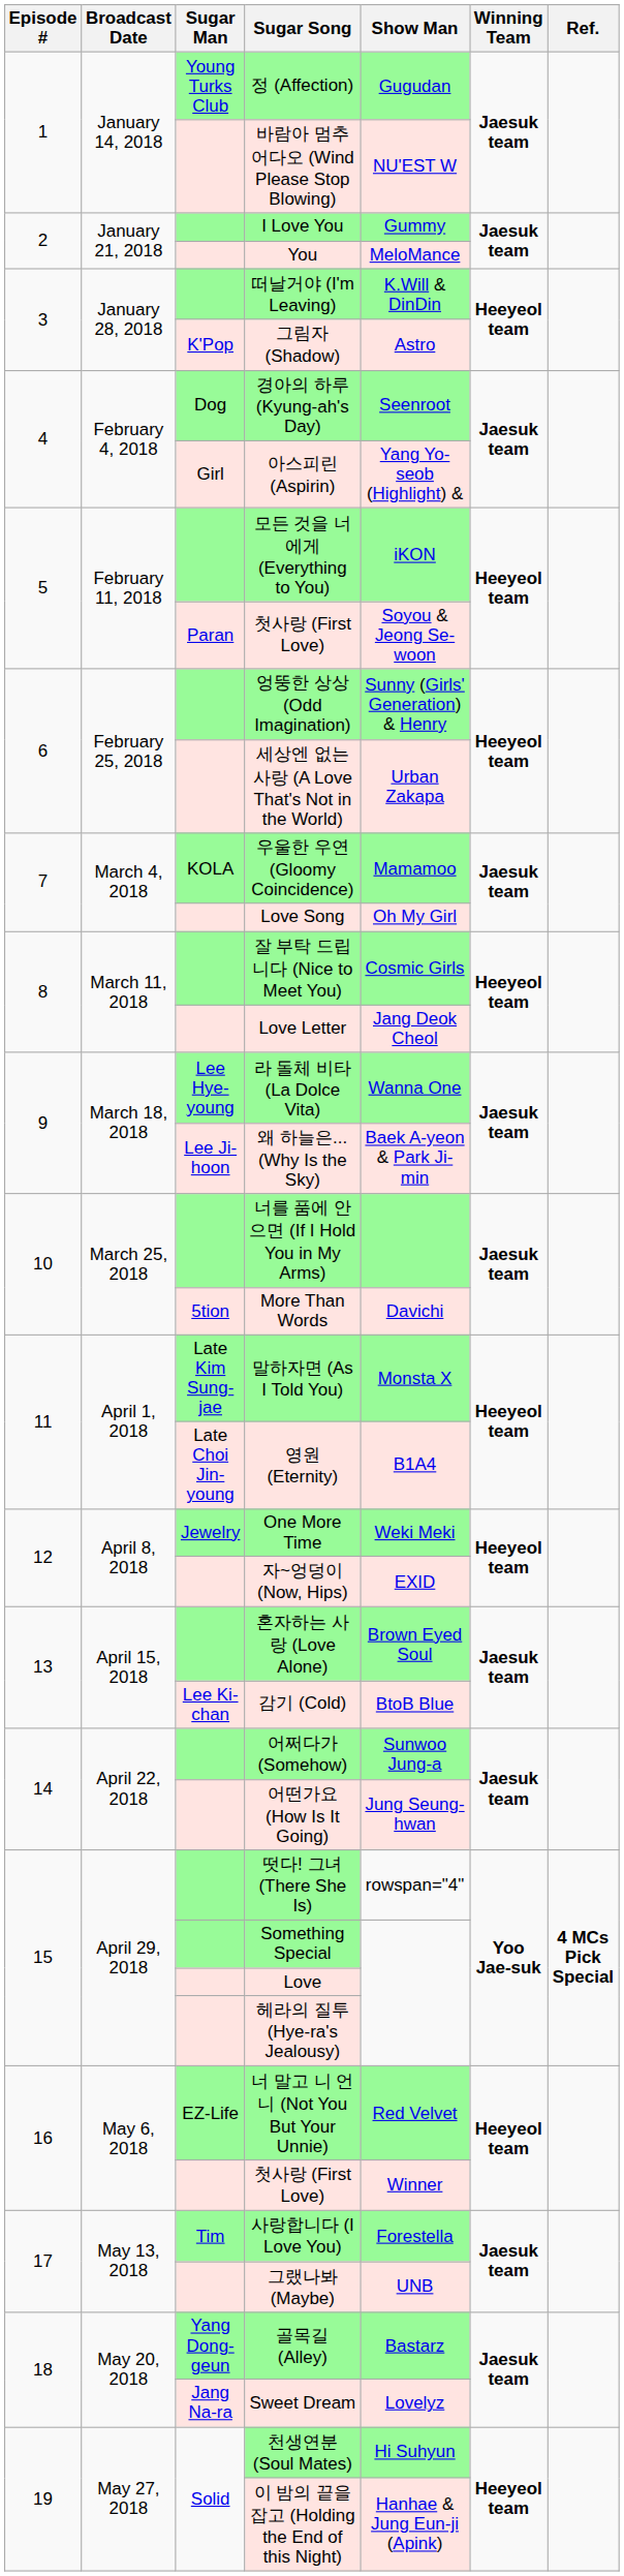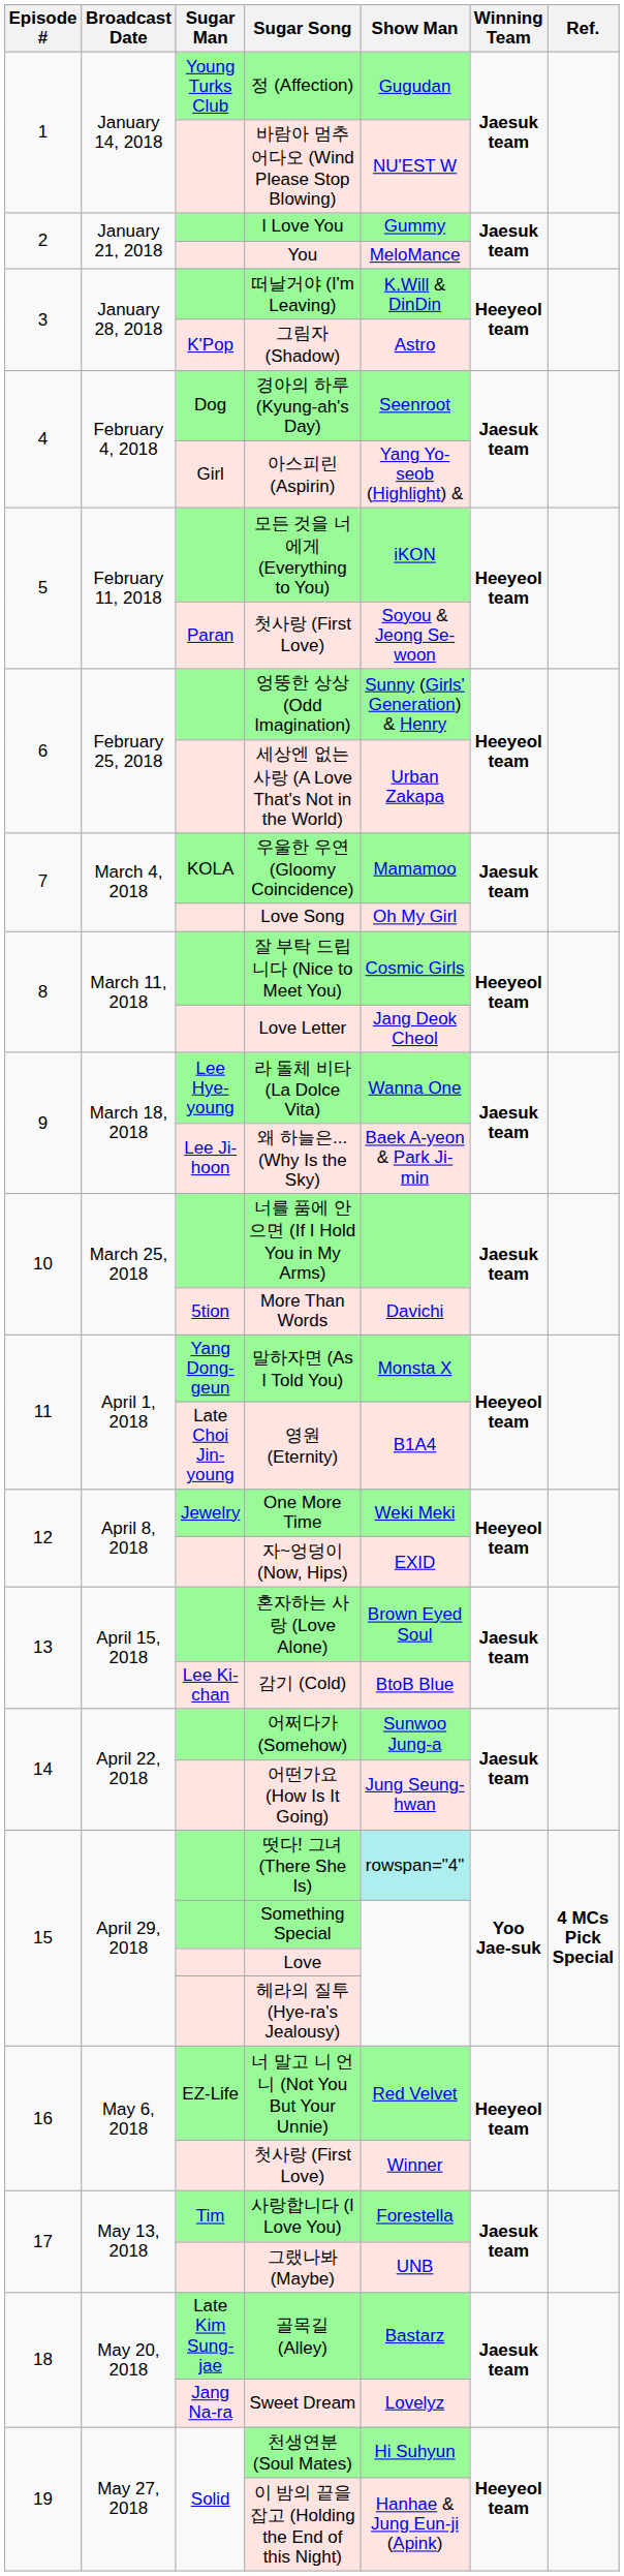 <table class="wikitable" style="text-align:center; width:90%;">
 <tr>
 <th>Episode #</th>
 <th>Broadcast Date</th>
 <th>Sugar Man</th>
 <th>Sugar Song</th>
 <th>Show Man</th>
 <th>Winning Team</th>
 <th>Ref.</th>
 </tr>
 <tr>
 <td rowspan="2">1</td>
 <td rowspan="2">January 14, 2018</td>
 <td style="background: PaleGreen"><a href='#'>Young Turks Club</a></td>
 <td style="background: PaleGreen">정 (Affection)</td>
 <td style="background: PaleGreen"><a href='#'>Gugudan</a></td>
 <td rowspan="2" expand="yes"><strong>Jaesuk team</strong></td>
 <td rowspan=2></td>
 </tr>
 <tr>
 <td style="background: MistyRose"></td>
 <td style="background: MistyRose">바람아 멈추어다오 (Wind Please Stop Blowing)</td>
 <td style="background: MistyRose"><a href='#'>NU'EST W</a></td>
 </tr>
 <tr>
 <td rowspan="2">2</td>
 <td rowspan="2">January 21, 2018</td>
 <td style="background: PaleGreen"></td>
 <td style="background: PaleGreen">I Love You</td>
 <td style="background: PaleGreen"><a href='#'>Gummy</a></td>
 <td rowspan="2" expand="yes"><strong>Jaesuk team</strong></td>
 <td rowspan=2></td>
 </tr>
 <tr>
 <td style="background: MistyRose"></td>
 <td style="background: MistyRose">You</td>
 <td style="background: MistyRose"><a href='#'>MeloMance</a></td>
 </tr>
 <tr>
 <td rowspan="2">3</td>
 <td rowspan="2">January 28, 2018</td>
 <td style="background: PaleGreen"></td>
 <td style="background: PaleGreen">떠날거야 (I'm Leaving)</td>
 <td style="background: PaleGreen"><a href='#'>K.Will</a> & <a href='#'>DinDin</a></td>
 <td rowspan="2" expand="yes"><strong>Heeyeol team</strong></td>
 <td rowspan=2></td>
 </tr>
 <tr>
 <td style="background: MistyRose"><a href='#'>K'Pop</a></td>
 <td style="background: MistyRose">그림자 (Shadow)</td>
 <td style="background: MistyRose"><a href='#'>Astro</a></td>
 </tr>
 <tr>
 <td rowspan="2">4</td>
 <td rowspan="2">February 4, 2018</td>
 <td style="background: PaleGreen">Dog</td>
 <td style="background: PaleGreen">경아의 하루 (Kyung-ah's Day)</td>
 <td style="background: PaleGreen"><a href='#'>Seenroot</a></td>
 <td rowspan="2" expand="yes"><strong>Jaesuk team</strong></td>
 <td rowspan=2></td>
 </tr>
 <tr>
 <td style="background: MistyRose">Girl</td>
 <td style="background: MistyRose">아스피린 (Aspirin)</td>
 <td style="background: MistyRose"><a href='#'>Yang Yo-seob</a> (<a href='#'>Highlight</a>) & </td>
 </tr>
 <tr>
 <td rowspan="2">5</td>
 <td rowspan="2">February 11, 2018</td>
 <td style="background: PaleGreen"></td>
 <td style="background: PaleGreen">모든 것을 너에게 (Everything to You)</td>
 <td style="background: PaleGreen"><a href='#'>iKON</a></td>
 <td rowspan="2" expand="yes"><strong>Heeyeol team</strong></td>
 <td rowspan=2></td>
 </tr>
 <tr>
 <td style="background: MistyRose"><a href='#'>Paran</a></td>
 <td style="background: MistyRose">첫사랑 (First Love)</td>
 <td style="background: MistyRose"><a href='#'>Soyou</a> & <a href='#'>Jeong Se-woon</a></td>
 </tr>
 <tr>
 <td rowspan="2">6</td>
 <td rowspan="2">February 25, 2018</td>
 <td style="background: PaleGreen"></td>
 <td style="background: PaleGreen">엉뚱한 상상 (Odd Imagination)</td>
 <td style="background: PaleGreen"><a href='#'>Sunny</a> (<a href='#'>Girls' Generation</a>) & <a href='#'>Henry</a></td>
 <td rowspan="2" expand="yes"><strong>Heeyeol team</strong></td>
 <td rowspan=2></td>
 </tr>
 <tr>
 <td style="background: MistyRose"></td>
 <td style="background: MistyRose">세상엔 없는 사랑 (A Love That's Not in the World)</td>
 <td style="background: MistyRose"><a href='#'>Urban Zakapa</a></td>
 </tr>
 <tr>
 <td rowspan="2">7</td>
 <td rowspan="2">March 4, 2018</td>
 <td style="background: PaleGreen">KOLA</td>
 <td style="background: PaleGreen">우울한 우연 (Gloomy Coincidence)</td>
 <td style="background: PaleGreen"><a href='#'>Mamamoo</a></td>
 <td rowspan="2" expand="yes"><strong>Jaesuk team</strong></td>
 <td rowspan=2></td>
 </tr>
 <tr>
 <td style="background: MistyRose"></td>
 <td style="background: MistyRose">Love Song</td>
 <td style="background: MistyRose"><a href='#'>Oh My Girl</a></td>
 </tr>
 <tr>
 <td rowspan="2">8</td>
 <td rowspan="2">March 11, 2018</td>
 <td style="background: PaleGreen"></td>
 <td style="background: PaleGreen">잘 부탁 드립니다 (Nice to Meet You)</td>
 <td style="background: PaleGreen"><a href='#'>Cosmic Girls</a></td>
 <td rowspan="2" expand="yes"><strong>Heeyeol team</strong></td>
 <td rowspan=2></td>
 </tr>
 <tr>
 <td style="background: MistyRose"></td>
 <td style="background: MistyRose">Love Letter</td>
 <td style="background: MistyRose"><a href='#'>Jang Deok Cheol</a></td>
 </tr>
 <tr>
 <td rowspan="2">9</td>
 <td rowspan="2">March 18, 2018</td>
 <td style="background: PaleGreen"><a href='#'>Lee Hye-young</a></td>
 <td style="background: PaleGreen">라 돌체 비타 (La Dolce Vita)</td>
 <td style="background: PaleGreen"><a href='#'>Wanna One</a></td>
 <td rowspan="2" expand="yes"><strong>Jaesuk team</strong></td>
 <td rowspan=2></td>
 </tr>
 <tr>
 <td style="background: MistyRose"><a href='#'>Lee Ji-hoon</a></td>
 <td style="background: MistyRose">왜 하늘은... (Why Is the Sky)</td>
 <td style="background: MistyRose"><a href='#'>Baek A-yeon</a> & <a href='#'>Park Ji-min</a></td>
 </tr>
 <tr>
 <td rowspan="2">10</td>
 <td rowspan="2">March 25, 2018</td>
 <td style="background: PaleGreen"></td>
 <td style="background: PaleGreen">너를 품에 안으면 (If I Hold You in My Arms)</td>
 <td style="background: PaleGreen"></td>
 <td rowspan="2" expand="yes"><strong>Jaesuk team</strong></td>
 <td rowspan=2></td>
 </tr>
 <tr>
 <td style="background: MistyRose"><a href='#'>5tion</a></td>
 <td style="background: MistyRose">More Than Words</td>
 <td style="background: MistyRose"><a href='#'>Davichi</a></td>
 </tr>
 <tr>
 <td rowspan="2">11</td>
 <td rowspan="2">April 1, 2018</td>
-<td style="background: PaleGreen">Late <a href='#'>Kim Sung-jae</a></td>
+<td style="background: PaleGreen"><a href='#'>Yang Dong-geun</a></td>
 <td style="background: PaleGreen">말하자면 (As I Told You)</td>
 <td style="background: PaleGreen"><a href='#'>Monsta X</a></td>
 <td rowspan="2" expand="yes"><strong>Heeyeol team</strong></td>
 <td rowspan=2></td>
 </tr>
 <tr>
 <td style="background: MistyRose">Late <a href='#'>Choi Jin-young</a></td>
 <td style="background: MistyRose">영원 (Eternity)</td>
 <td style="background: MistyRose"><a href='#'>B1A4</a></td>
 </tr>
 <tr>
 <td rowspan="2">12</td>
 <td rowspan="2">April 8, 2018</td>
 <td style="background: PaleGreen"><a href='#'>Jewelry</a></td>
 <td style="background: PaleGreen">One More Time</td>
 <td style="background: PaleGreen"><a href='#'>Weki Meki</a></td>
 <td rowspan="2" expand="yes"><strong>Heeyeol team</strong></td>
 <td rowspan=2></td>
 </tr>
 <tr>
 <td style="background: MistyRose"></td>
 <td style="background: MistyRose">자~엉덩이 (Now, Hips)</td>
 <td style="background: MistyRose"><a href='#'>EXID</a></td>
 </tr>
 <tr>
 <td rowspan="2">13</td>
 <td rowspan="2">April 15, 2018</td>
 <td style="background: PaleGreen"></td>
 <td style="background: PaleGreen">혼자하는 사랑 (Love Alone)</td>
 <td style="background: PaleGreen"><a href='#'>Brown Eyed Soul</a></td>
 <td rowspan="2" expand="yes"><strong>Jaesuk team</strong></td>
 <td rowspan=2></td>
 </tr>
 <tr>
 <td style="background: MistyRose"><a href='#'>Lee Ki-chan</a></td>
 <td style="background: MistyRose">감기 (Cold)</td>
 <td style="background: MistyRose"><a href='#'>BtoB Blue</a></td>
 </tr>
 <tr>
 <td rowspan="2">14</td>
 <td rowspan="2">April 22, 2018</td>
 <td style="background: PaleGreen"></td>
 <td style="background: PaleGreen">어쩌다가 (Somehow)</td>
 <td style="background: PaleGreen"><a href='#'>Sunwoo Jung-a</a></td>
 <td rowspan="2" expand="yes"><strong>Jaesuk team</strong></td>
 <td rowspan=2></td>
 </tr>
 <tr>
 <td style="background: MistyRose"></td>
 <td style="background: MistyRose">어떤가요 (How Is It Going)</td>
 <td style="background: MistyRose"><a href='#'>Jung Seung-hwan</a></td>
 </tr>
 <tr>
 <td rowspan="4">15</td>
 <td rowspan="4">April 29, 2018</td>
 <td style="background: PaleGreen"></td>
 <td style="background: PaleGreen">떳다! 그녀 (There She Is)</td>
-<td>rowspan="4" </td>
+<td style="background: paleturquoise;">rowspan="4" </td>
 <td rowspan="4" expand="yes"><strong>Yoo Jae-suk</strong></td>
 <td rowspan=4><strong>4 MCs Pick Special</strong><br></td>
 </tr>
 <tr>
 <td style="background: PaleGreen"></td>
 <td style="background: PaleGreen">Something Special</td>
 </tr>
 <tr>
 <td style="background: MistyRose"></td>
 <td style="background: MistyRose">Love</td>
 </tr>
 <tr>
 <td style="background: MistyRose"></td>
 <td style="background: MistyRose">헤라의 질투 (Hye-ra's Jealousy)</td>
 </tr>
 <tr>
 <td rowspan="2">16</td>
 <td rowspan="2">May 6, 2018</td>
 <td style="background: PaleGreen">EZ-Life</td>
 <td style="background: PaleGreen">너 말고 니 언니 (Not You But Your Unnie)</td>
 <td style="background: PaleGreen"><a href='#'>Red Velvet</a></td>
 <td rowspan="2" expand="yes"><strong>Heeyeol team</strong></td>
 <td rowspan=2></td>
 </tr>
 <tr>
 <td style="background: MistyRose"></td>
 <td style="background: MistyRose">첫사랑 (First Love)</td>
 <td style="background: MistyRose"><a href='#'>Winner</a></td>
 </tr>
 <tr>
 <td rowspan="2">17</td>
 <td rowspan="2">May 13, 2018</td>
 <td style="background: PaleGreen"><a href='#'>Tim</a></td>
 <td style="background: PaleGreen">사랑합니다 (I Love You)</td>
 <td style="background: PaleGreen"><a href='#'>Forestella</a></td>
 <td rowspan="2" expand="yes"><strong>Jaesuk team</strong></td>
 <td rowspan=2></td>
 </tr>
 <tr>
 <td style="background: MistyRose"></td>
 <td style="background: MistyRose">그랬나봐 (Maybe)</td>
 <td style="background: MistyRose"><a href='#'>UNB</a></td>
 </tr>
 <tr>
 <td rowspan="2">18</td>
 <td rowspan="2">May 20, 2018</td>
-<td style="background: PaleGreen"><a href='#'>Yang Dong-geun</a></td>
+<td style="background: PaleGreen">Late <a href='#'>Kim Sung-jae</a></td>
 <td style="background: PaleGreen">골목길 (Alley)</td>
 <td style="background: PaleGreen"><a href='#'>Bastarz</a></td>
 <td rowspan="2" expand="yes"><strong>Jaesuk team</strong></td>
 <td rowspan=2></td>
 </tr>
 <tr>
 <td style="background: MistyRose"><a href='#'>Jang Na-ra</a></td>
 <td style="background: MistyRose">Sweet Dream</td>
 <td style="background: MistyRose"><a href='#'>Lovelyz</a></td>
 </tr>
 <tr>
 <td rowspan="2">19</td>
 <td rowspan="2">May 27, 2018</td>
 <td rowspan="2"><a href='#'>Solid</a></td>
 <td style="background: PaleGreen">천생연분 (Soul Mates)</td>
 <td style="background: PaleGreen"><a href='#'>Hi Suhyun</a></td>
 <td rowspan="2" expand="yes"><strong>Heeyeol team</strong></td>
 <td rowspan=2></td>
 </tr>
 <tr>
 <td style="background: MistyRose">이 밤의 끝을 잡고 (Holding the End of this Night)</td>
 <td style="background: MistyRose"><a href='#'>Hanhae</a> & <a href='#'>Jung Eun-ji</a> (<a href='#'>Apink</a>)</td>
 </tr>
 </table>
